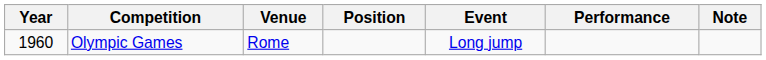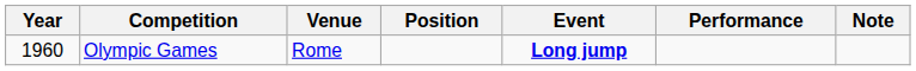 <table class="wikitable" width=55% style="font-size:90%; text-align:center;">
 <tr>
 <th>Year</th>
 <th>Competition</th>
 <th>Venue</th>
 <th>Position</th>
 <th>Event</th>
 <th>Performance</th>
 <th>Note</th>
 </tr>
 <tr>
 <td rowspan=2>1960</td>
 <td rowspan=2 align=left><a href='#'>Olympic Games</a></td>
 <td rowspan=2 align=left> <a href='#'>Rome</a></td>
 <td></td>
-<td><a href='#'>Long jump</a></td>
+<td><strong><a href='#'>Long jump</a></strong></td>
 <td></td>
 <td></td>
 </tr>
 </table>
